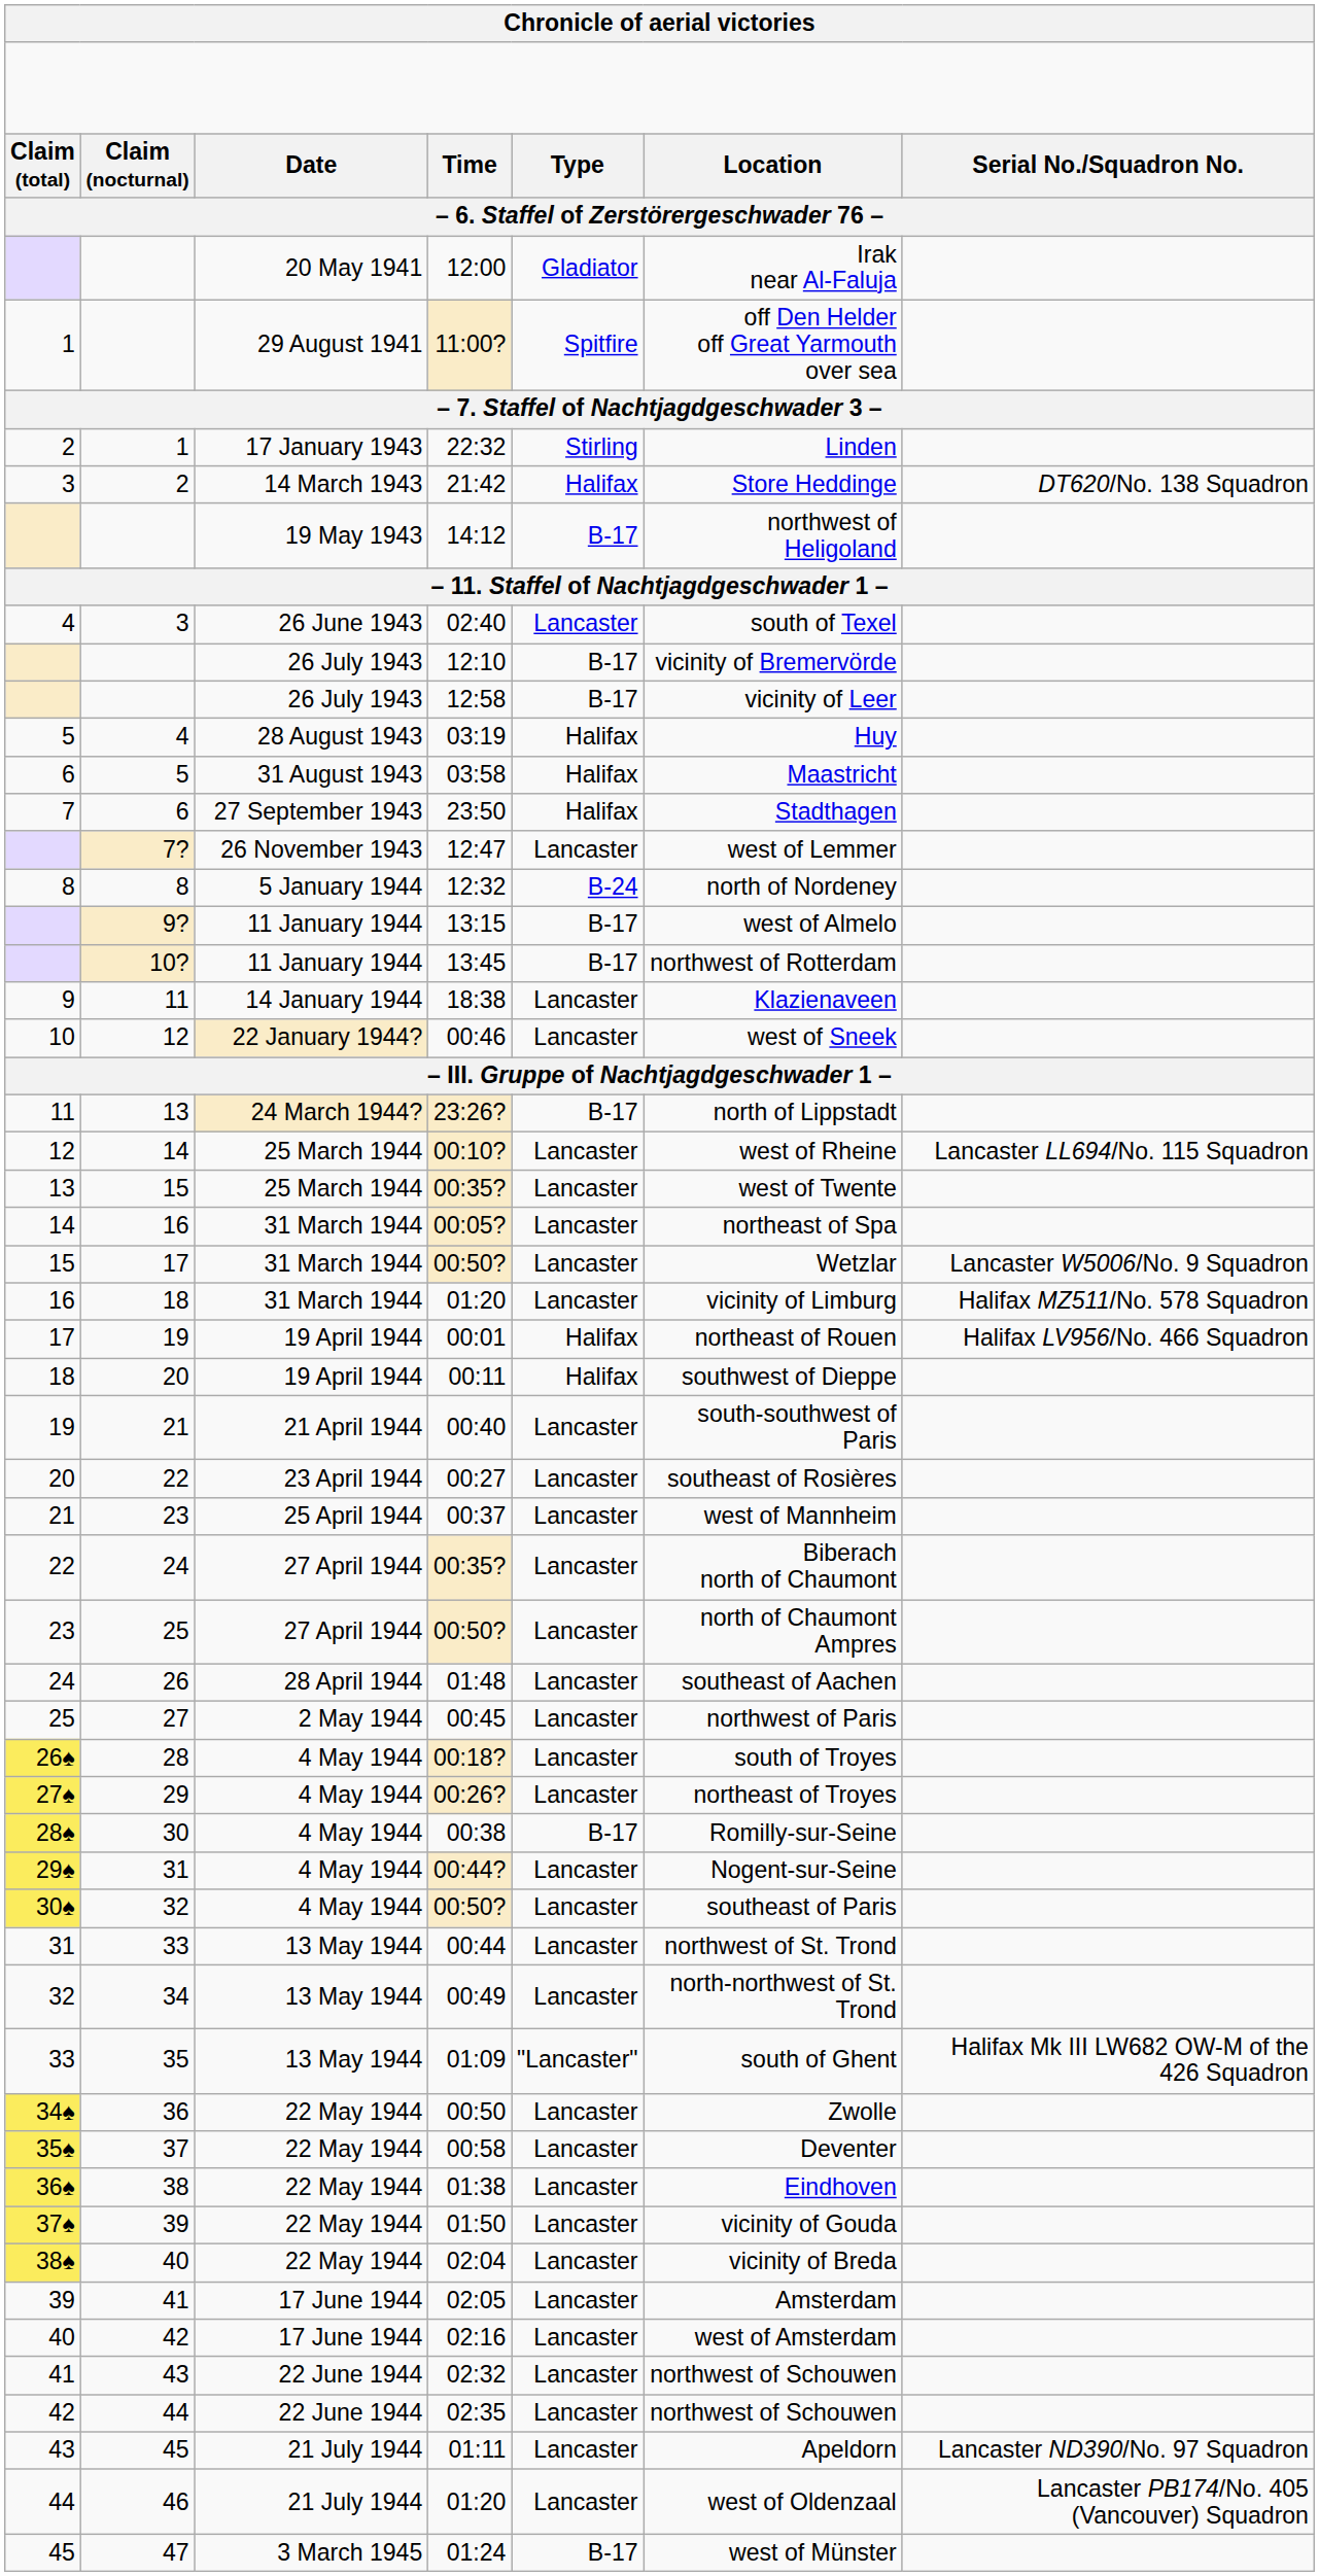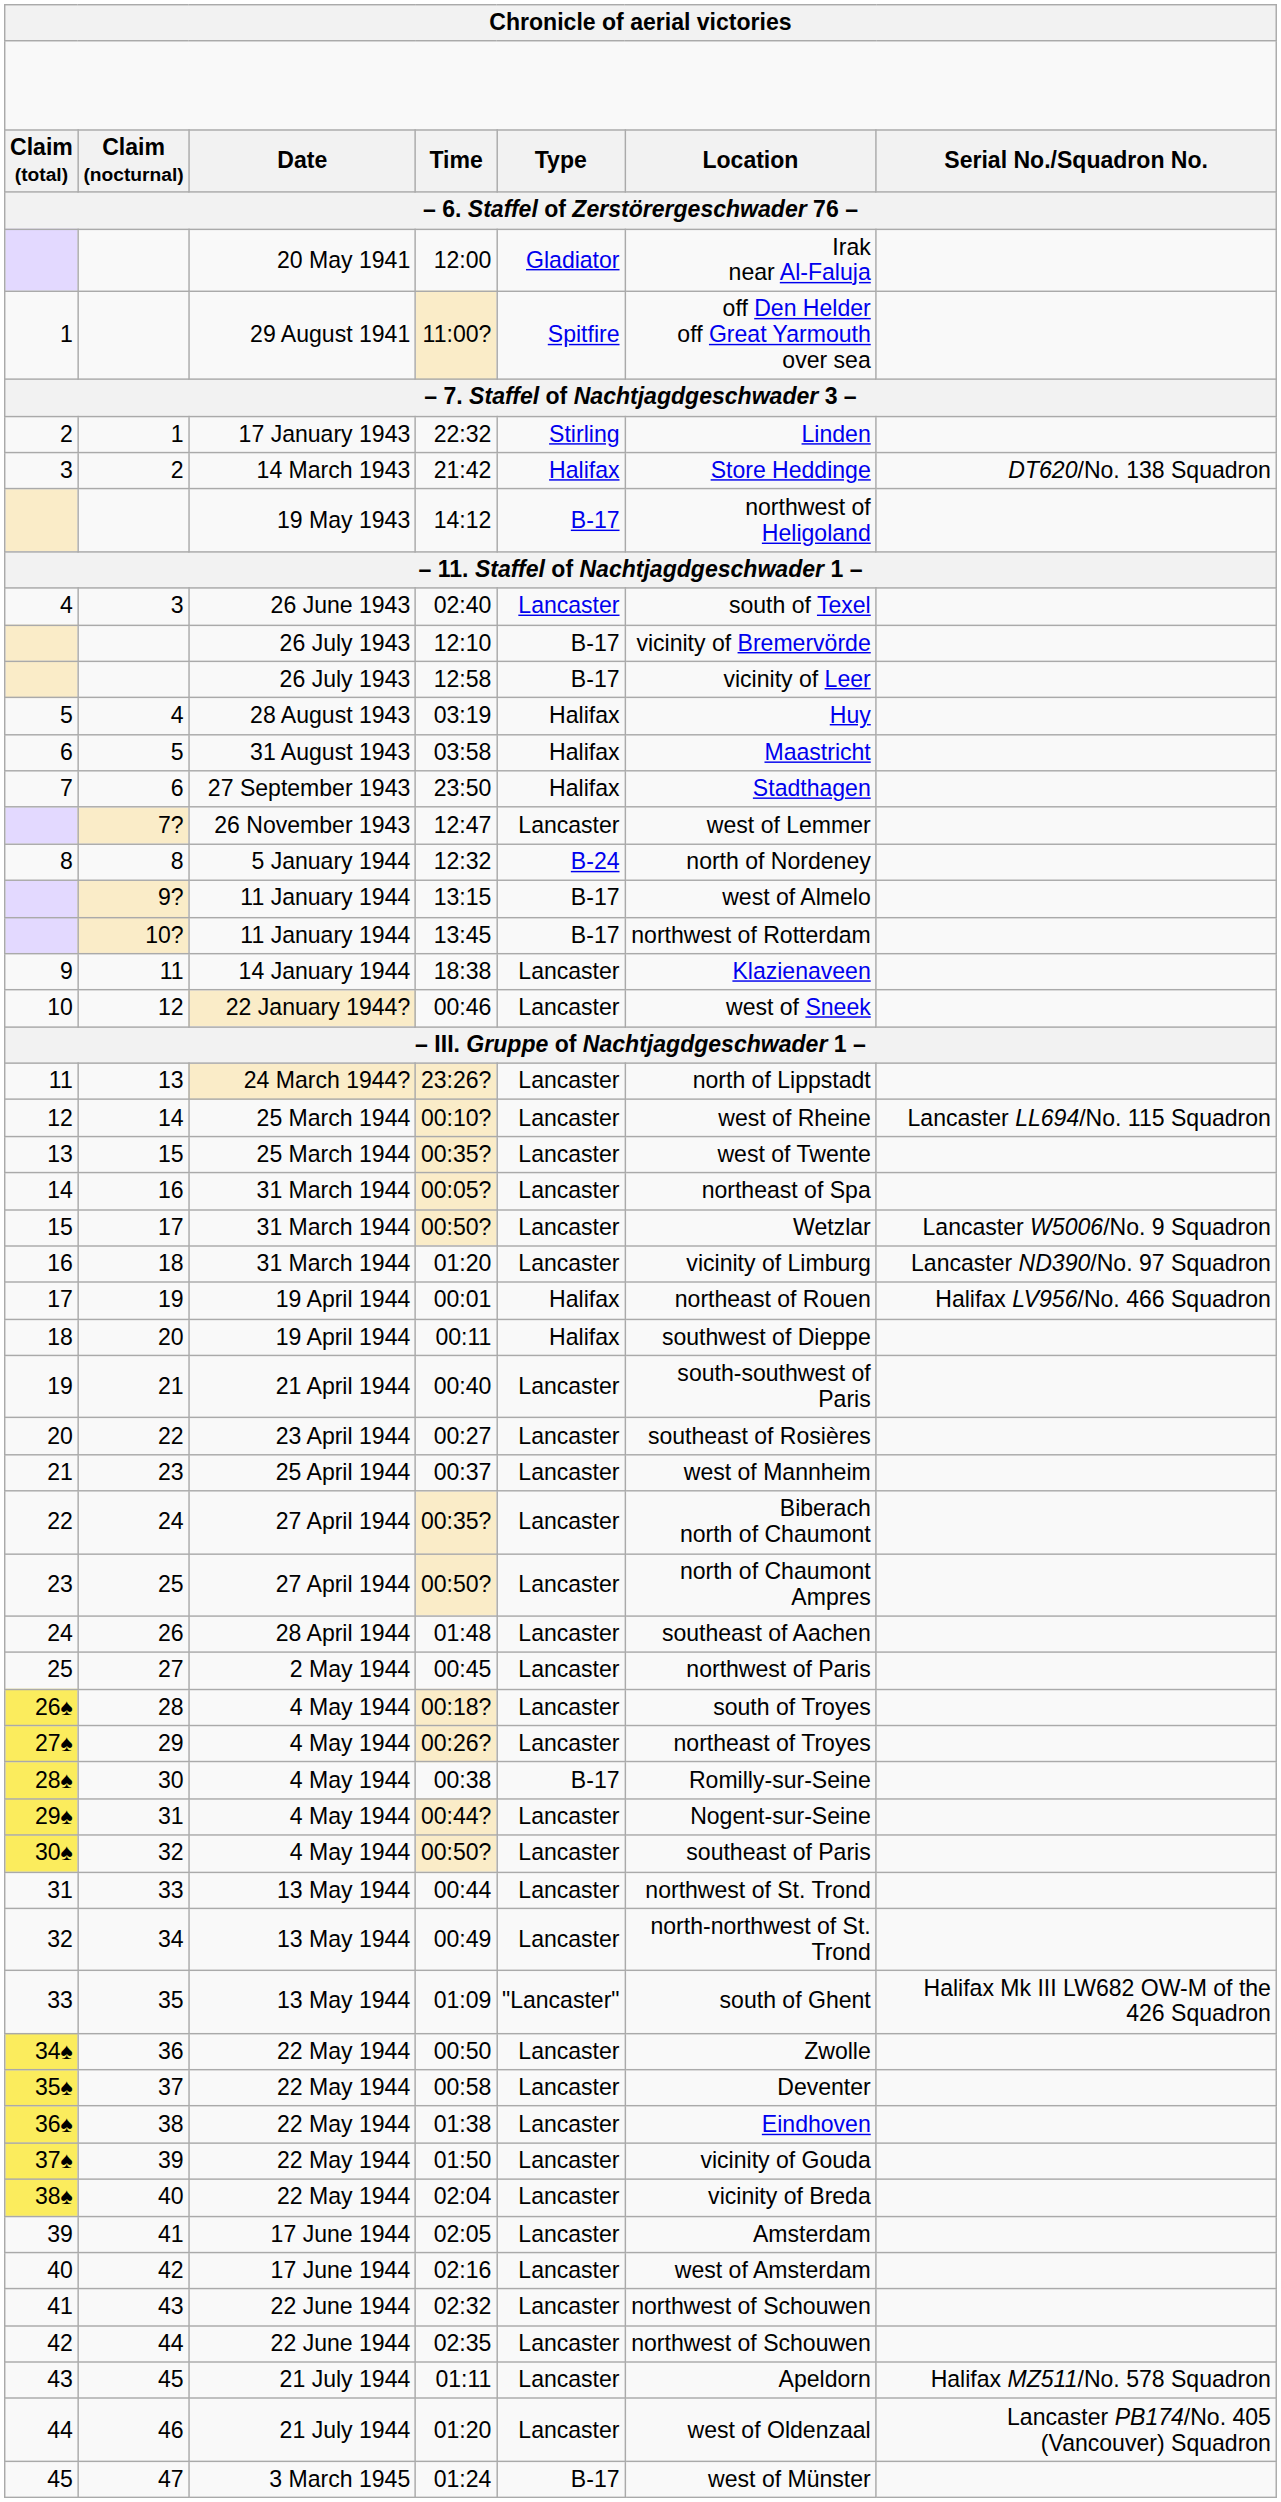 <table class="wikitable plainrowheaders collapsible collapsed" style="margin-left: auto; margin-right: auto; border: none; text-align:right; width: 100%;">
 <tr>
 <th colspan="7">Chronicle of aerial victories</th>
 </tr>
 <tr>
 <td colspan="7" style="text-align: left;"><br><br> <br> </td>
 </tr>
 <tr>
 <th scope="col">Claim<br><small>(total)</small></th>
 <th scope="col">Claim<br><small>(nocturnal)</small></th>
 <th scope="col" style="width:150px">Date</th>
 <th scope="col">Time</th>
 <th scope="col">Type</th>
 <th scope="col">Location</th>
 <th scope="col">Serial No./Squadron No.</th>
 </tr>
 <tr>
 <th colspan="7">– 6. <em>Staffel</em> of <em>Zerstörergeschwader</em> 76 –</th>
 </tr>
 <tr>
 <td style="background:#e3d9ff;"></td>
 <td></td>
 <td>20 May 1941</td>
 <td>12:00</td>
 <td><a href='#'>Gladiator</a></td>
 <td>Irak<br>near <a href='#'>Al-Faluja</a></td>
 <td></td>
 </tr>
 <tr>
 <td>1</td>
 <td></td>
 <td>29 August 1941</td>
 <td style="background:#faecc8">11:00?</td>
 <td><a href='#'>Spitfire</a></td>
 <td>off <a href='#'>Den Helder</a><br>off <a href='#'>Great Yarmouth</a> over sea</td>
 <td></td>
 </tr>
 <tr>
 <th colspan="7">– 7. <em>Staffel</em> of <em>Nachtjagdgeschwader</em> 3 –</th>
 </tr>
 <tr>
 <td>2</td>
 <td>1</td>
 <td>17 January 1943</td>
 <td>22:32</td>
 <td><a href='#'>Stirling</a></td>
 <td><a href='#'>Linden</a></td>
 <td></td>
 </tr>
 <tr>
 <td>3</td>
 <td>2</td>
 <td>14 March 1943</td>
 <td>21:42</td>
 <td><a href='#'>Halifax</a></td>
 <td><a href='#'>Store Heddinge</a></td>
 <td><em>DT620</em>/No. 138 Squadron</td>
 </tr>
 <tr>
 <td style="background:#faecc8"></td>
 <td></td>
 <td>19 May 1943</td>
 <td>14:12</td>
 <td><a href='#'>B-17</a></td>
 <td> northwest of <a href='#'>Heligoland</a></td>
 <td></td>
 </tr>
 <tr>
 <th colspan="7">– 11. <em>Staffel</em> of <em>Nachtjagdgeschwader</em> 1 –</th>
 </tr>
 <tr>
 <td>4</td>
 <td>3</td>
 <td>26 June 1943</td>
 <td>02:40</td>
 <td><a href='#'>Lancaster</a></td>
 <td>south of <a href='#'>Texel</a></td>
 <td></td>
 </tr>
 <tr>
 <td style="background:#faecc8"></td>
 <td></td>
 <td>26 July 1943</td>
 <td>12:10</td>
 <td>B-17</td>
 <td>vicinity of <a href='#'>Bremervörde</a></td>
 <td></td>
 </tr>
 <tr>
 <td style="background:#faecc8"></td>
 <td></td>
 <td>26 July 1943</td>
 <td>12:58</td>
 <td>B-17</td>
 <td>vicinity of <a href='#'>Leer</a></td>
 <td></td>
 </tr>
 <tr>
 <td>5</td>
 <td>4</td>
 <td>28 August 1943</td>
 <td>03:19</td>
 <td>Halifax</td>
 <td><a href='#'>Huy</a></td>
 <td></td>
 </tr>
 <tr>
 <td>6</td>
 <td>5</td>
 <td>31 August 1943</td>
 <td>03:58</td>
 <td>Halifax</td>
 <td><a href='#'>Maastricht</a></td>
 <td></td>
 </tr>
 <tr>
 <td>7</td>
 <td>6</td>
 <td>27 September 1943</td>
 <td>23:50</td>
 <td>Halifax</td>
 <td><a href='#'>Stadthagen</a></td>
 <td></td>
 </tr>
 <tr>
 <td style="background:#e3d9ff;"></td>
 <td style="background:#faecc8">7?</td>
 <td>26 November 1943</td>
 <td>12:47</td>
 <td>Lancaster</td>
 <td>west of Lemmer</td>
 <td></td>
 </tr>
 <tr>
 <td>8</td>
 <td>8</td>
 <td>5 January 1944</td>
 <td>12:32</td>
 <td><a href='#'>B-24</a></td>
 <td> north of Nordeney</td>
 <td></td>
 </tr>
 <tr>
 <td style="background:#e3d9ff;"></td>
 <td style="background:#faecc8">9?</td>
 <td>11 January 1944</td>
 <td>13:15</td>
 <td>B-17</td>
 <td> west of Almelo</td>
 <td></td>
 </tr>
 <tr>
 <td style="background:#e3d9ff;"></td>
 <td style="background:#faecc8">10?</td>
 <td>11 January 1944</td>
 <td>13:45</td>
 <td>B-17</td>
 <td>northwest of Rotterdam</td>
 <td></td>
 </tr>
 <tr>
 <td>9</td>
 <td>11</td>
 <td>14 January 1944</td>
 <td>18:38</td>
 <td>Lancaster</td>
 <td><a href='#'>Klazienaveen</a></td>
 <td></td>
 </tr>
 <tr>
 <td>10</td>
 <td>12</td>
 <td style="background:#faecc8">22 January 1944?</td>
 <td>00:46</td>
 <td>Lancaster</td>
 <td> west of <a href='#'>Sneek</a></td>
 <td></td>
 </tr>
 <tr>
 <th colspan="7">– III. <em>Gruppe</em> of <em>Nachtjagdgeschwader</em> 1 –</th>
 </tr>
 <tr>
 <td>11</td>
 <td>13</td>
 <td style="background:#faecc8">24 March 1944?</td>
 <td style="background:#faecc8">23:26?</td>
-<td>B-17</td>
+<td>Lancaster</td>
 <td>north of Lippstadt</td>
 <td></td>
 </tr>
 <tr>
 <td>12</td>
 <td>14</td>
 <td>25 March 1944</td>
 <td style="background:#faecc8">00:10?</td>
 <td>Lancaster</td>
 <td> west of Rheine</td>
 <td>Lancaster <em>LL694</em>/No. 115 Squadron</td>
 </tr>
 <tr>
 <td>13</td>
 <td>15</td>
 <td>25 March 1944</td>
 <td style="background:#faecc8">00:35?</td>
 <td>Lancaster</td>
 <td> west of Twente</td>
 <td></td>
 </tr>
 <tr>
 <td>14</td>
 <td>16</td>
 <td>31 March 1944</td>
 <td style="background:#faecc8">00:05?</td>
 <td>Lancaster</td>
 <td>northeast of Spa</td>
 <td></td>
 </tr>
 <tr>
 <td>15</td>
 <td>17</td>
 <td>31 March 1944</td>
 <td style="background:#faecc8">00:50?</td>
 <td>Lancaster</td>
 <td>Wetzlar</td>
 <td>Lancaster <em>W5006</em>/No. 9 Squadron</td>
 </tr>
 <tr>
 <td>16</td>
 <td>18</td>
 <td>31 March 1944</td>
 <td>01:20</td>
 <td>Lancaster</td>
 <td>vicinity of Limburg</td>
-<td>Halifax <em>MZ511</em>/No. 578 Squadron</td>
+<td>Lancaster <em>ND390</em>/No. 97 Squadron</td>
 </tr>
 <tr>
 <td>17</td>
 <td>19</td>
 <td>19 April 1944</td>
 <td>00:01</td>
 <td>Halifax</td>
 <td> northeast of Rouen</td>
 <td>Halifax <em>LV956</em>/No. 466 Squadron</td>
 </tr>
 <tr>
 <td>18</td>
 <td>20</td>
 <td>19 April 1944</td>
 <td>00:11</td>
 <td>Halifax</td>
 <td>southwest of Dieppe</td>
 <td></td>
 </tr>
 <tr>
 <td>19</td>
 <td>21</td>
 <td>21 April 1944</td>
 <td>00:40</td>
 <td>Lancaster</td>
 <td> south-southwest of Paris</td>
 <td></td>
 </tr>
 <tr>
 <td>20</td>
 <td>22</td>
 <td>23 April 1944</td>
 <td>00:27</td>
 <td>Lancaster</td>
 <td> southeast of Rosières</td>
 <td></td>
 </tr>
 <tr>
 <td>21</td>
 <td>23</td>
 <td>25 April 1944</td>
 <td>00:37</td>
 <td>Lancaster</td>
 <td> west of Mannheim</td>
 <td></td>
 </tr>
 <tr>
 <td>22</td>
 <td>24</td>
 <td>27 April 1944</td>
 <td style="background:#faecc8">00:35?</td>
 <td>Lancaster</td>
 <td>Biberach<br>north of Chaumont</td>
 <td></td>
 </tr>
 <tr>
 <td>23</td>
 <td>25</td>
 <td>27 April 1944</td>
 <td style="background:#faecc8">00:50?</td>
 <td>Lancaster</td>
 <td>north of Chaumont<br>Ampres</td>
 <td></td>
 </tr>
 <tr>
 <td>24</td>
 <td>26</td>
 <td>28 April 1944</td>
 <td>01:48</td>
 <td>Lancaster</td>
 <td> southeast of Aachen</td>
 <td></td>
 </tr>
 <tr>
 <td>25</td>
 <td>27</td>
 <td>2 May 1944</td>
 <td>00:45</td>
 <td>Lancaster</td>
 <td> northwest of Paris</td>
 <td></td>
 </tr>
 <tr>
 <td style="background:#fbec5d;">26♠</td>
 <td>28</td>
 <td>4 May 1944</td>
 <td style="background:#faecc8">00:18?</td>
 <td>Lancaster</td>
 <td>south of Troyes</td>
 <td></td>
 </tr>
 <tr>
 <td style="background:#fbec5d;">27♠</td>
 <td>29</td>
 <td>4 May 1944</td>
 <td style="background:#faecc8">00:26?</td>
 <td>Lancaster</td>
 <td>northeast of Troyes</td>
 <td></td>
 </tr>
 <tr>
 <td style="background:#fbec5d;">28♠</td>
 <td>30</td>
 <td>4 May 1944</td>
 <td>00:38</td>
 <td>B-17</td>
 <td>Romilly-sur-Seine</td>
 <td></td>
 </tr>
 <tr>
 <td style="background:#fbec5d;">29♠</td>
 <td>31</td>
 <td>4 May 1944</td>
 <td style="background:#faecc8">00:44?</td>
 <td>Lancaster</td>
 <td>Nogent-sur-Seine</td>
 <td></td>
 </tr>
 <tr>
 <td style="background:#fbec5d;">30♠</td>
 <td>32</td>
 <td>4 May 1944</td>
 <td style="background:#faecc8">00:50?</td>
 <td>Lancaster</td>
 <td> southeast of Paris</td>
 <td></td>
 </tr>
 <tr>
 <td>31</td>
 <td>33</td>
 <td>13 May 1944</td>
 <td>00:44</td>
 <td>Lancaster</td>
 <td>northwest of St. Trond</td>
 <td></td>
 </tr>
 <tr>
 <td>32</td>
 <td>34</td>
 <td>13 May 1944</td>
 <td>00:49</td>
 <td>Lancaster</td>
 <td>north-northwest of St. Trond</td>
 <td></td>
 </tr>
 <tr>
 <td>33</td>
 <td>35</td>
 <td>13 May 1944</td>
 <td>01:09</td>
 <td>"Lancaster"</td>
 <td>south of Ghent</td>
 <td>Halifax Mk III LW682 OW-M of the 426 Squadron</td>
 </tr>
 <tr>
 <td style="background:#fbec5d;">34♠</td>
 <td>36</td>
 <td>22 May 1944</td>
 <td>00:50</td>
 <td>Lancaster</td>
 <td>Zwolle</td>
 <td></td>
 </tr>
 <tr>
 <td style="background:#fbec5d;">35♠</td>
 <td>37</td>
 <td>22 May 1944</td>
 <td>00:58</td>
 <td>Lancaster</td>
 <td>Deventer</td>
 <td></td>
 </tr>
 <tr>
 <td style="background:#fbec5d;">36♠</td>
 <td>38</td>
 <td>22 May 1944</td>
 <td>01:38</td>
 <td>Lancaster</td>
 <td><a href='#'>Eindhoven</a></td>
 <td></td>
 </tr>
 <tr>
 <td style="background:#fbec5d;">37♠</td>
 <td>39</td>
 <td>22 May 1944</td>
 <td>01:50</td>
 <td>Lancaster</td>
 <td>vicinity of Gouda</td>
 <td></td>
 </tr>
 <tr>
 <td style="background:#fbec5d;">38♠</td>
 <td>40</td>
 <td>22 May 1944</td>
 <td>02:04</td>
 <td>Lancaster</td>
 <td>vicinity of Breda</td>
 <td></td>
 </tr>
 <tr>
 <td>39</td>
 <td>41</td>
 <td>17 June 1944</td>
 <td>02:05</td>
 <td>Lancaster</td>
 <td>Amsterdam</td>
 <td></td>
 </tr>
 <tr>
 <td>40</td>
 <td>42</td>
 <td>17 June 1944</td>
 <td>02:16</td>
 <td>Lancaster</td>
 <td> west of Amsterdam</td>
 <td></td>
 </tr>
 <tr>
 <td>41</td>
 <td>43</td>
 <td>22 June 1944</td>
 <td>02:32</td>
 <td>Lancaster</td>
 <td>northwest of Schouwen</td>
 <td></td>
 </tr>
 <tr>
 <td>42</td>
 <td>44</td>
 <td>22 June 1944</td>
 <td>02:35</td>
 <td>Lancaster</td>
 <td> northwest of Schouwen</td>
 <td></td>
 </tr>
 <tr>
 <td>43</td>
 <td>45</td>
 <td>21 July 1944</td>
 <td>01:11</td>
 <td>Lancaster</td>
 <td>Apeldorn</td>
-<td>Lancaster <em>ND390</em>/No. 97 Squadron</td>
+<td>Halifax <em>MZ511</em>/No. 578 Squadron</td>
 </tr>
 <tr>
 <td>44</td>
 <td>46</td>
 <td>21 July 1944</td>
 <td>01:20</td>
 <td>Lancaster</td>
 <td>west of Oldenzaal</td>
 <td>Lancaster <em>PB174</em>/No. 405 (Vancouver) Squadron</td>
 </tr>
 <tr>
 <td>45</td>
 <td>47</td>
 <td>3 March 1945</td>
 <td>01:24</td>
 <td>B-17</td>
 <td>west of Münster</td>
 <td></td>
 </tr>
 </table>
